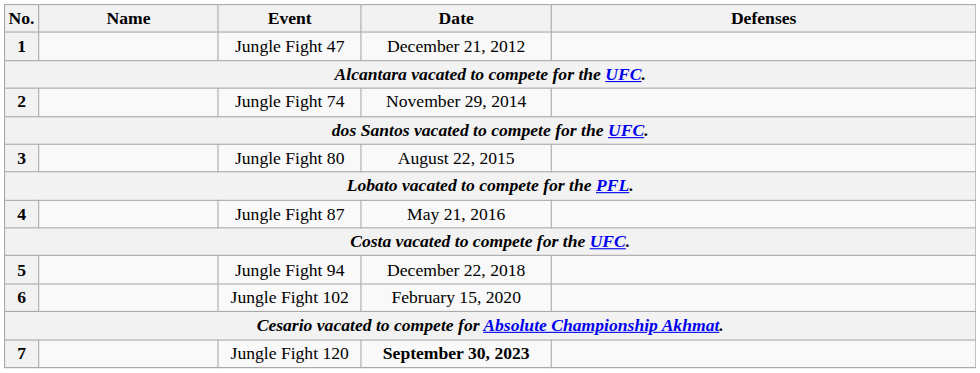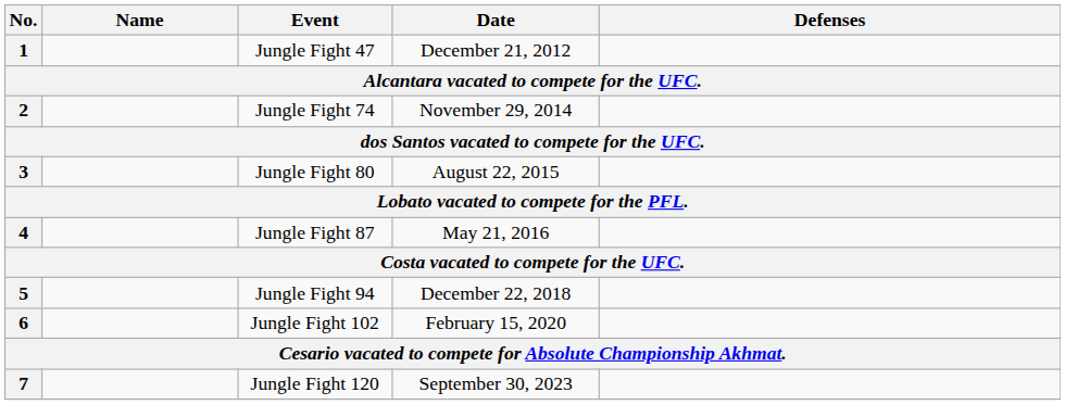 <table class="wikitable" width=100%>
 <tr>
 <th width=1%>No.</th>
 <th width=19%>Name</th>
 <th width=15%>Event</th>
 <th width=20%>Date</th>
 <th width=45%>Defenses</th>
 </tr>
 <tr>
 <th>1</th>
 <td align=left><br></td>
 <td align=center>Jungle Fight 47 <br></td>
 <td align=center>December 21, 2012</td>
 <td></td>
 </tr>
 <tr>
 <th colspan=6 align=center><em>Alcantara vacated to compete for the <a href='#'>UFC</a>.</em></th>
 </tr>
 <tr>
 <th>2</th>
 <td align=left><br></td>
 <td align=center>Jungle Fight 74 <br></td>
 <td align=center>November 29, 2014</td>
 <td></td>
 </tr>
 <tr>
 <th colspan=6 align=center><em>dos Santos vacated to compete for the <a href='#'>UFC</a>.</em></th>
 </tr>
 <tr>
 <th>3</th>
 <td align=left><br></td>
 <td align=center>Jungle Fight 80 <br></td>
 <td align=center>August 22, 2015</td>
 <td></td>
 </tr>
 <tr>
 <th colspan=6 align=center><em>Lobato vacated to compete for the <a href='#'>PFL</a>.</em></th>
 </tr>
 <tr>
 <th>4</th>
 <td align=left><br></td>
 <td align=center>Jungle Fight 87 <br></td>
 <td align=center>May 21, 2016</td>
 <td></td>
 </tr>
 <tr>
 <th colspan=6 align=center><em>Costa vacated to compete for the <a href='#'>UFC</a>.</em></th>
 </tr>
 <tr>
 <th>5</th>
 <td align=left><br></td>
 <td align=center>Jungle Fight 94 <br></td>
 <td align=center>December 22, 2018</td>
 <td></td>
 </tr>
 <tr>
 <th>6</th>
 <td align=left></td>
 <td align=center>Jungle Fight 102 <br></td>
 <td align=center>February 15, 2020</td>
 <td></td>
 </tr>
 <tr>
 <th colspan=6 align=center><em>Cesario vacated to compete for <a href='#'>Absolute Championship Akhmat</a>.</em></th>
 </tr>
 <tr>
 <th>7</th>
 <td align=left><br></td>
 <td align=center>Jungle Fight 120 <br></td>
-<td align=center><strong>September 30, 2023</strong></td>
+<td align=center>September 30, 2023</td>
 <td></td>
 </tr>
 <tr>
 </tr>
 </table>
